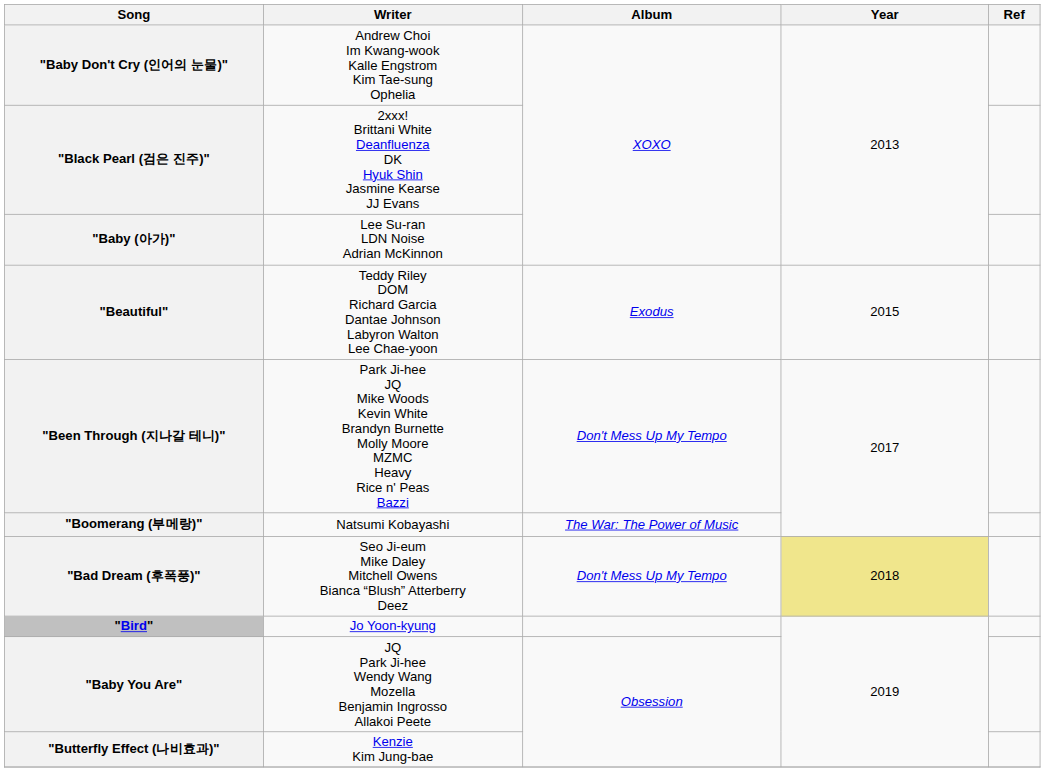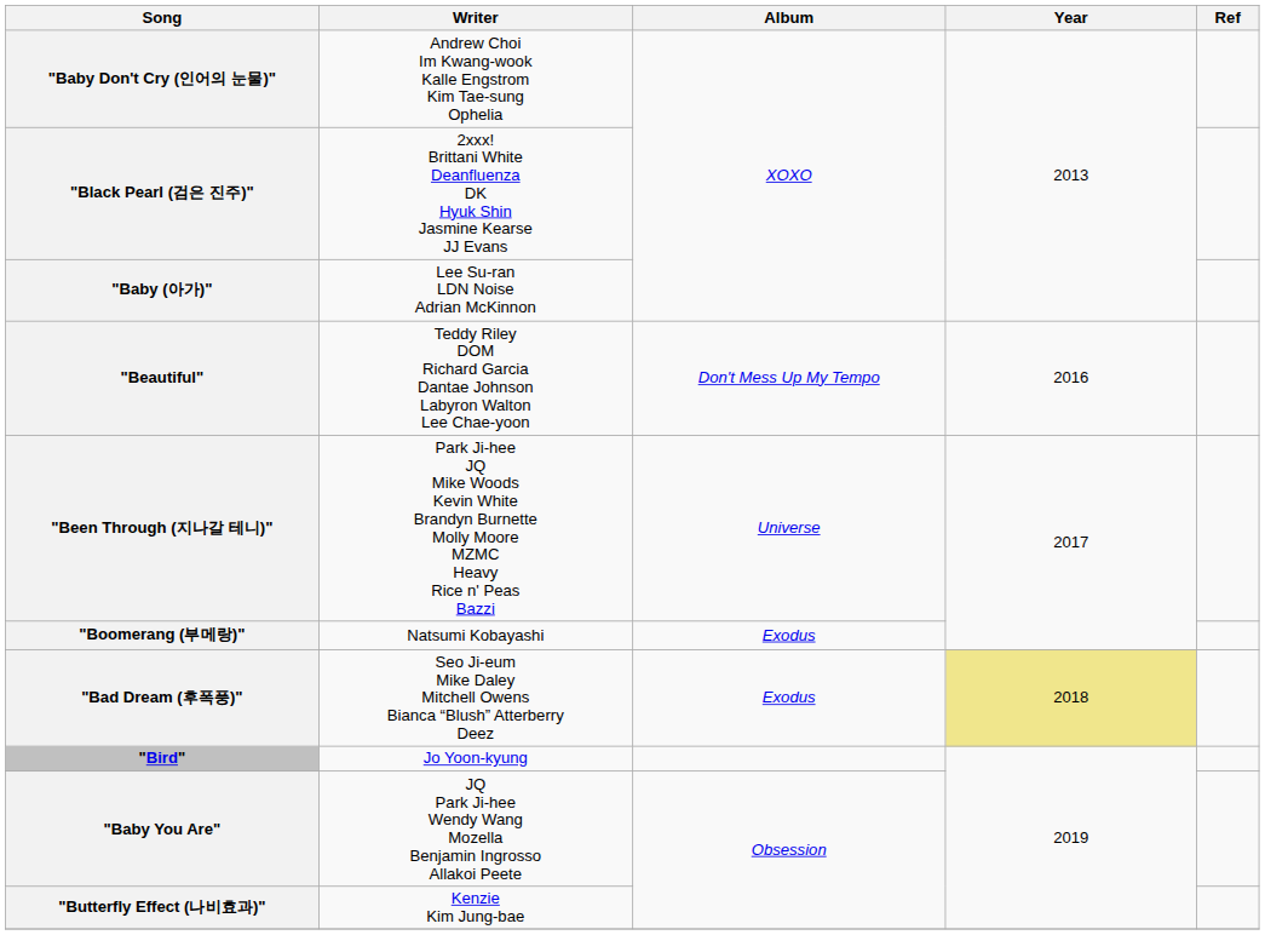 <table class="wikitable" style="text-align:center; width:100%">
 <tr>
 <th style="width:25%">Song</th>
 <th style="width:25%">Writer</th>
 <th style="width:25%">Album</th>
 <th style="width:20%">Year</th>
 <th style="width:5%">Ref</th>
 </tr>
 <tr>
 <th scope="row">"Baby Don't Cry (인어의 눈물)"</th>
 <td>Andrew Choi<br>Im Kwang-wook<br>Kalle Engstrom<br>Kim Tae-sung<br>Ophelia</td>
 <td rowspan="3"><em><a href='#'>XOXO</a></em></td>
 <td rowspan="3">2013</td>
 <td></td>
 </tr>
 <tr>
 <th scope="row">"Black Pearl (검은 진주)"</th>
 <td>2xxx!<br>Brittani White<br><a href='#'>Deanfluenza</a><br>DK<br><a href='#'>Hyuk Shin</a><br>Jasmine Kearse<br>JJ Evans</td>
 <td></td>
 </tr>
 <tr>
 <th scope="row">"Baby (아가)"</th>
 <td>Lee Su-ran<br>LDN Noise<br>Adrian McKinnon</td>
 <td></td>
 </tr>
 <tr>
 <th scope="row">"Beautiful"</th>
 <td>Teddy Riley<br> DOM<br> Richard Garcia<br> Dantae Johnson<br> Labyron Walton<br> Lee Chae-yoon</td>
-<td><em><a href='#'>Exodus</a></em></td>
-<td>2015</td>
+<td><em><a href='#'>Don't Mess Up My Tempo</a></em></td>
+<td>2016</td>
 <td></td>
 </tr>
 <tr>
 <th scope="row">"Been Through (지나갈 테니)"</th>
 <td>Park Ji-hee<br>JQ<br>Mike Woods<br>Kevin White<br>Brandyn Burnette<br>Molly Moore<br>MZMC<br>Heavy<br>Rice n' Peas<br><a href='#'>Bazzi</a></td>
-<td><em><a href='#'>Don't Mess Up My Tempo</a></em></td>
+<td><em><a href='#'>Universe</a></em></td>
 <td rowspan="2">2017</td>
 <td></td>
 </tr>
 <tr>
 <th scope="row">"Boomerang (부메랑)"</th>
 <td>Natsumi Kobayashi</td>
-<td><a href='#'><em>The War: The Power of Music</em></a></td>
+<td><em><a href='#'>Exodus</a></em></td>
 <td></td>
 </tr>
 <tr>
 <th scope="row">"Bad Dream (후폭풍)"</th>
 <td>Seo Ji-eum<br>Mike Daley<br>Mitchell Owens<br>Bianca “Blush” Atterberry<br>Deez</td>
-<td><em><a href='#'>Don't Mess Up My Tempo</a></em></td>
+<td><em><a href='#'>Exodus</a></em></td>
 <td style="background: khaki;">2018</td>
 <td></td>
 </tr>
 <tr>
 <th scope="row" style="background-color:#C0C0C0">"<a href='#'>Bird</a>" </th>
 <td><a href='#'>Jo Yoon-kyung</a></td>
 <td></td>
 <td rowspan="3">2019</td>
 <td></td>
 </tr>
 <tr>
 <th scope="row">"Baby You Are"</th>
 <td>JQ<br>Park Ji-hee<br>Wendy Wang<br>Mozella<br>Benjamin Ingrosso<br>Allakoi Peete</td>
 <td rowspan="2"><em><a href='#'>Obsession</a></em></td>
 <td></td>
 </tr>
 <tr>
 <th scope="row">"Butterfly Effect (나비효과)"</th>
 <td><a href='#'>Kenzie</a><br>Kim Jung-bae</td>
 <td></td>
 </tr>
 <tr>
 </tr>
 </table>
